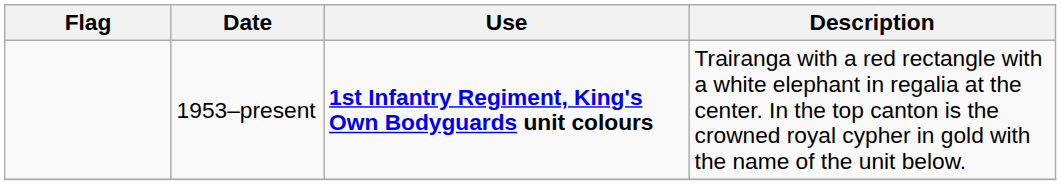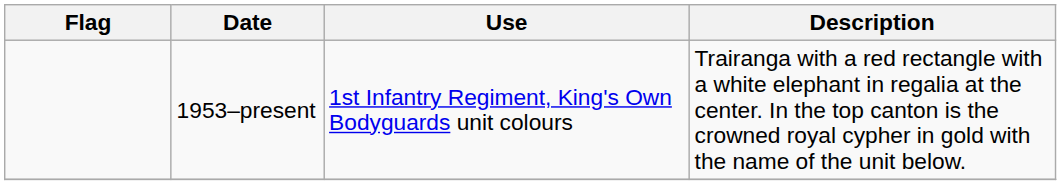 <table class="wikitable">
 <tr>
 <th width="110">Flag</th>
 <th width="100">Date</th>
 <th width="250">Use</th>
 <th width="250">Description</th>
 </tr>
 <tr>
 <td></td>
 <td>1953–present</td>
-<td><strong><a href='#'>1st Infantry Regiment, King's Own Bodyguards</a> unit colours</strong></td>
+<td><a href='#'>1st Infantry Regiment, King's Own Bodyguards</a> unit colours</td>
 <td>Trairanga with a red rectangle with a white elephant in regalia at the center. In the top canton is the crowned royal cypher in gold with the name of the unit below.</td>
 </tr>
 <tr>
 </tr>
 </table>
